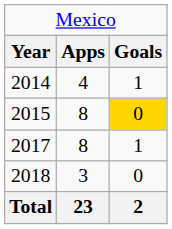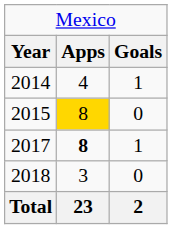 <table class="wikitable" style="text-align:center">
 <tr>
 <td colspan=4><a href='#'>Mexico</a></td>
 </tr>
 <tr>
 <th>Year</th>
 <th>Apps</th>
 <th>Goals</th>
 </tr>
 <tr>
 <td>2014</td>
 <td>4</td>
 <td>1</td>
 </tr>
 <tr>
 <td>2015</td>
-<td>8</td>
-<td style="background: gold;">0</td>
+<td style="background: gold;">8</td>
+<td>0</td>
 </tr>
 <tr>
 <td>2017</td>
-<td>8</td>
+<td><strong>8</strong></td>
 <td>1</td>
 </tr>
 <tr>
 <td>2018</td>
 <td>3</td>
 <td>0</td>
 </tr>
 <tr>
 <th>Total</th>
 <th>23</th>
 <th>2</th>
 </tr>
 </table>
